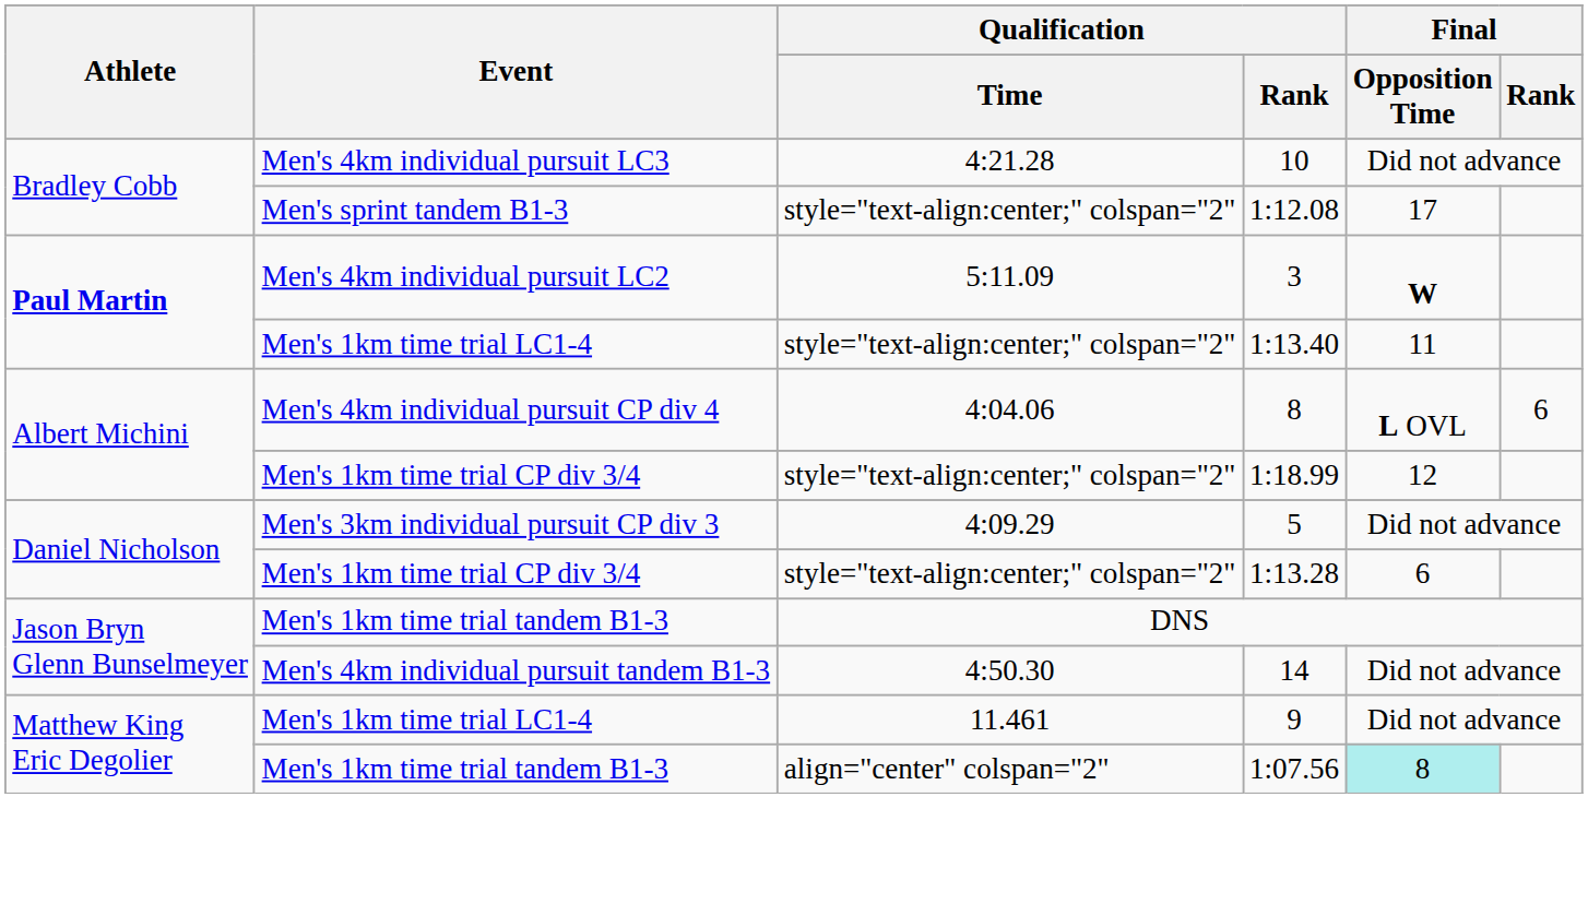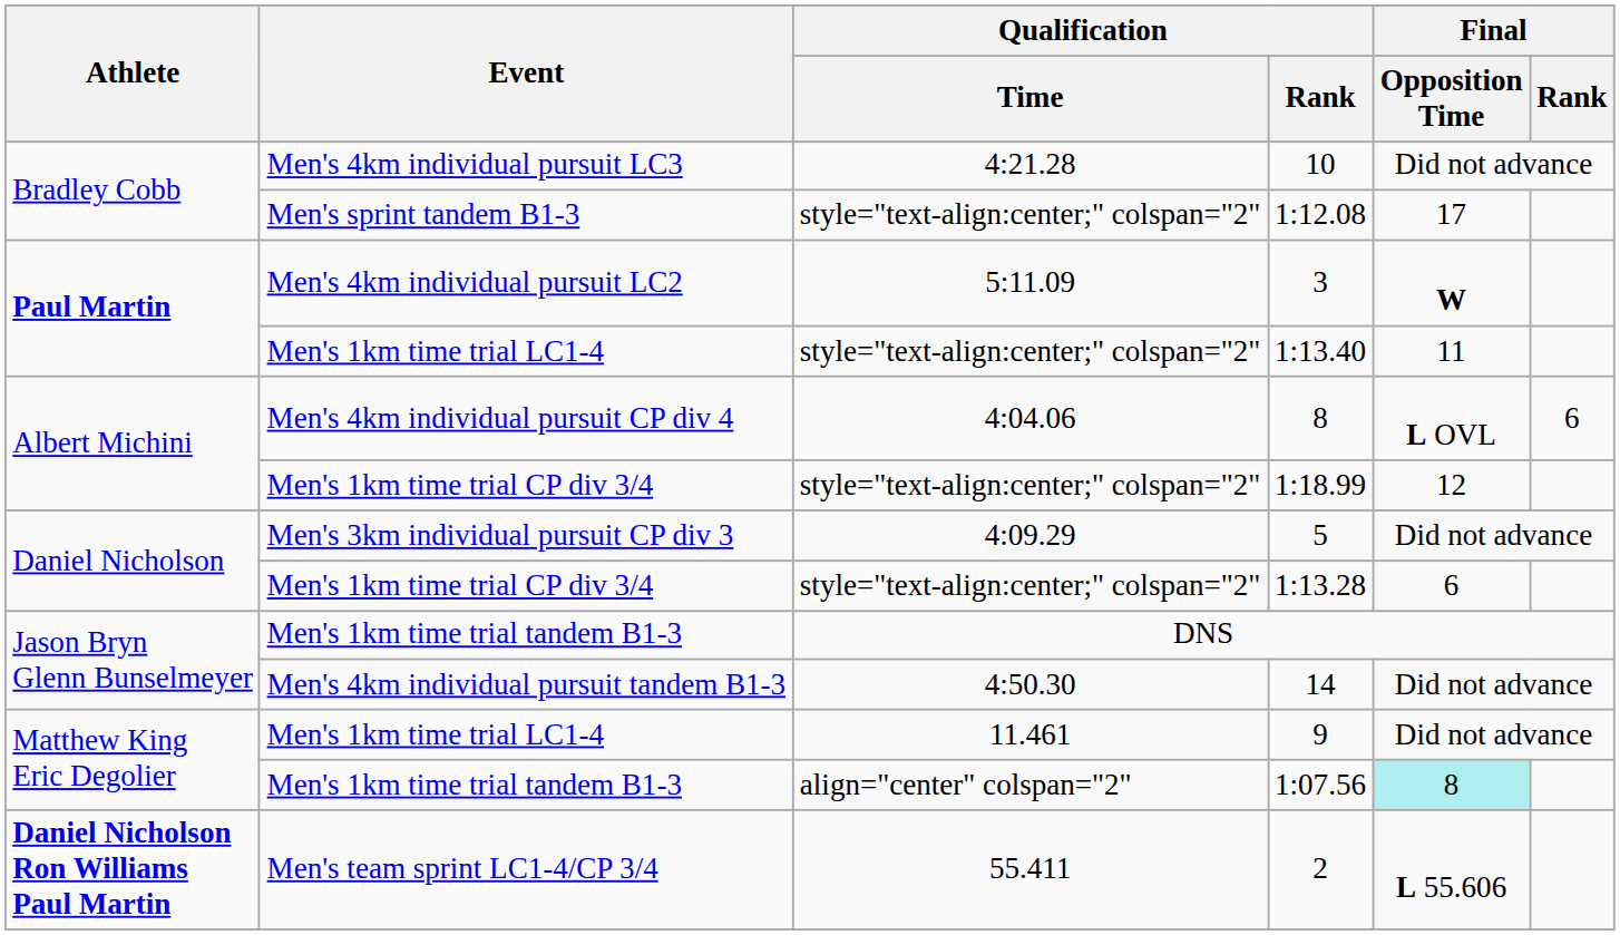 <table class=wikitable style="font-size:90%">
 <tr>
 <th rowspan="2">Athlete</th>
 <th rowspan="2">Event</th>
 <th colspan="2">Qualification</th>
 <th colspan="2">Final</th>
 </tr>
 <tr>
 <th>Time</th>
 <th>Rank</th>
 <th>Opposition<br>Time</th>
 <th>Rank</th>
 </tr>
 <tr>
 <td rowspan="2"><a href='#'>Bradley Cobb</a></td>
 <td><a href='#'>Men's 4km individual pursuit LC3</a></td>
 <td style="text-align:center;">4:21.28</td>
 <td style="text-align:center;">10</td>
 <td style="text-align:center;" colspan="2">Did not advance</td>
 </tr>
 <tr>
 <td><a href='#'>Men's sprint tandem B1-3</a></td>
 <td>style="text-align:center;" colspan="2" </td>
 <td style="text-align:center;">1:12.08</td>
 <td style="text-align:center;">17</td>
 </tr>
 <tr>
 <td rowspan="2"><strong><a href='#'>Paul Martin</a></strong></td>
 <td><a href='#'>Men's 4km individual pursuit LC2</a></td>
 <td style="text-align:center;">5:11.09</td>
 <td style="text-align:center;">3</td>
 <td style="text-align:center;"><br> <strong>W</strong></td>
 <td style="text-align:center;"></td>
 </tr>
 <tr>
 <td><a href='#'>Men's 1km time trial LC1-4</a></td>
 <td>style="text-align:center;" colspan="2" </td>
 <td style="text-align:center;">1:13.40</td>
 <td style="text-align:center;">11</td>
 </tr>
 <tr>
 <td rowspan="2"><a href='#'>Albert Michini</a></td>
 <td><a href='#'>Men's 4km individual pursuit CP div 4</a></td>
 <td style="text-align:center;">4:04.06</td>
 <td style="text-align:center;">8</td>
 <td style="text-align:center;"><br><strong>L</strong> OVL</td>
 <td style="text-align:center;">6</td>
 </tr>
 <tr>
 <td><a href='#'>Men's 1km time trial CP div 3/4</a></td>
 <td>style="text-align:center;" colspan="2" </td>
 <td style="text-align:center;">1:18.99</td>
 <td style="text-align:center;">12</td>
 </tr>
 <tr>
 <td rowspan="2"><a href='#'>Daniel Nicholson</a></td>
 <td><a href='#'>Men's 3km individual pursuit CP div 3</a></td>
 <td style="text-align:center;">4:09.29</td>
 <td style="text-align:center;">5</td>
 <td style="text-align:center;" colspan="2">Did not advance</td>
 </tr>
 <tr>
 <td><a href='#'>Men's 1km time trial CP div 3/4</a></td>
 <td>style="text-align:center;" colspan="2" </td>
 <td style="text-align:center;">1:13.28</td>
 <td style="text-align:center;">6</td>
 </tr>
 <tr>
 <td rowspan="2"><a href='#'>Jason Bryn</a><br> <a href='#'>Glenn Bunselmeyer</a></td>
 <td><a href='#'>Men's 1km time trial tandem B1-3</a></td>
 <td align="center" colspan="4">DNS</td>
 </tr>
 <tr>
 <td><a href='#'>Men's 4km individual pursuit tandem B1-3</a></td>
 <td align="center">4:50.30</td>
 <td align="center">14</td>
 <td align="center" colspan="2">Did not advance</td>
 </tr>
 <tr>
 <td rowspan="2"><a href='#'>Matthew King</a><br> <a href='#'>Eric Degolier</a></td>
 <td><a href='#'>Men's 1km time trial LC1-4</a></td>
 <td align="center">11.461</td>
 <td align="center">9</td>
 <td align="center" colspan="2">Did not advance</td>
 </tr>
 <tr>
 <td><a href='#'>Men's 1km time trial tandem B1-3</a></td>
 <td>align="center" colspan="2" </td>
 <td align="center">1:07.56</td>
 <td align="center" style="background: paleturquoise;">8</td>
 </tr>
+<tr>
+<td><strong><a href='#'>Daniel Nicholson</a></strong><br> <strong><a href='#'>Ron Williams</a></strong><br> <strong><a href='#'>Paul Martin</a></strong></td>
+<td><a href='#'>Men's team sprint LC1-4/CP 3/4</a></td>
+<td align="center">55.411</td>
+<td align="center">2</td>
+<td align="center"> <br> <strong>L</strong> 55.606</td>
+<td align="center"></td>
+</tr>
 </table>
